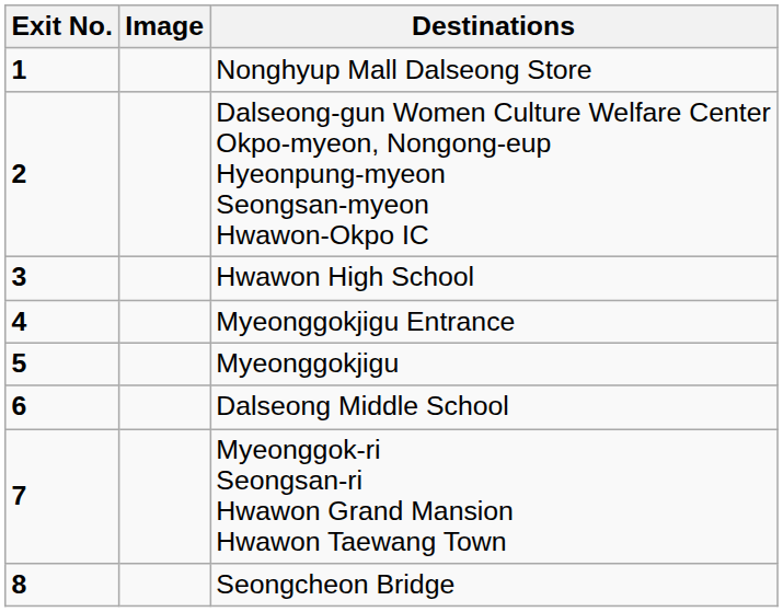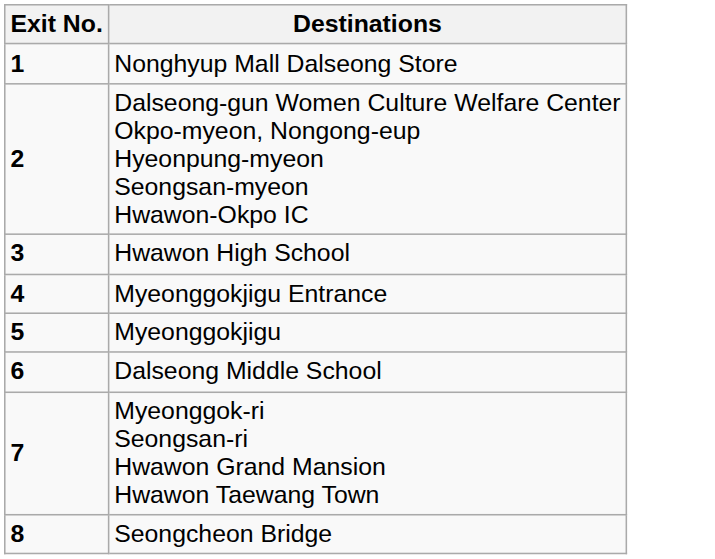 <table class="wikitable">
 <tr>
 <th>Exit No.</th>
-<th>Image</th>
 <th>Destinations</th>
 </tr>
 <tr>
 <td><div><span><strong>1</strong></span></div></td>
-<td></td>
 <td>Nonghyup Mall Dalseong Store</td>
 </tr>
 <tr>
 <td><div><span><strong>2</strong></span></div></td>
-<td></td>
 <td>Dalseong-gun Women Culture Welfare Center<br>Okpo-myeon, Nongong-eup<br>Hyeonpung-myeon<br>Seongsan-myeon<br>Hwawon-Okpo IC</td>
 </tr>
 <tr>
 <td><div><span><strong>3</strong></span></div></td>
-<td></td>
 <td>Hwawon High School</td>
 </tr>
 <tr>
 <td><div><span><strong>4</strong></span></div></td>
-<td></td>
 <td>Myeonggokjigu Entrance</td>
 </tr>
 <tr>
 <td><div><span><strong>5</strong></span></div></td>
-<td></td>
 <td>Myeonggokjigu</td>
 </tr>
 <tr>
 <td><div><span><strong>6</strong></span></div></td>
-<td></td>
 <td>Dalseong Middle School</td>
 </tr>
 <tr>
 <td><div><span><strong>7</strong></span></div></td>
-<td></td>
 <td>Myeonggok-ri<br>Seongsan-ri<br>Hwawon Grand Mansion<br>Hwawon Taewang Town</td>
 </tr>
 <tr>
 <td><div><span><strong>8</strong></span></div></td>
-<td></td>
 <td>Seongcheon Bridge</td>
 </tr>
 </table>
